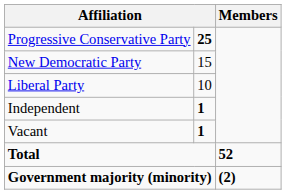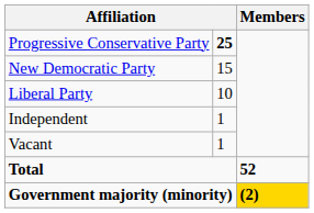 <table class="wikitable">
 <tr>
 <th colspan="2">Affiliation</th>
 <th>Members</th>
 </tr>
 <tr>
 <td align=left><a href='#'>Progressive Conservative Party</a></td>
 <td><strong>25</strong></td>
 </tr>
 <tr>
 <td align=left><a href='#'>New Democratic Party</a></td>
 <td>15</td>
 </tr>
 <tr>
 <td align=left><a href='#'>Liberal Party</a></td>
 <td>10</td>
 </tr>
 <tr>
 <td align=left>Independent</td>
-<td><strong>1</strong></td>
+<td>1</td>
 </tr>
 <tr>
 <td align=left>Vacant</td>
-<td><strong>1</strong></td>
+<td>1</td>
 </tr>
 <tr>
 <td colspan="2" align=left><strong>Total</strong><br></td>
 <td><strong>52</strong></td>
 </tr>
 <tr>
 <td colspan="2" align=left><strong>Government majority (minority)</strong><br></td>
-<td><strong>(2)</strong></td>
+<td style="background: gold;"><strong>(2)</strong></td>
 </tr>
 </table>
